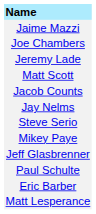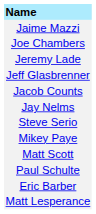 <table border=0 cellpadding=2 cellspacing=0  |- bgcolor=#F2F2F2 style="text-align:center; font-size:90%;">
 <tr bgcolor=#ADEBFD>
 <th align=left>Name</th>
 </tr>
 <tr>
 <td><a href='#'>Jaime Mazzi</a></td>
 </tr>
 <tr>
 <td><a href='#'>Joe Chambers</a></td>
 </tr>
 <tr>
 <td><a href='#'>Jeremy Lade</a></td>
 </tr>
 <tr>
-<td><a href='#'>Matt Scott</a></td>
+<td><a href='#'>Jeff Glasbrenner</a></td>
 </tr>
 <tr>
 <td><a href='#'>Jacob Counts</a></td>
 </tr>
 <tr>
 <td><a href='#'>Jay Nelms</a></td>
 </tr>
 <tr>
 <td><a href='#'>Steve Serio</a></td>
 </tr>
 <tr>
 <td><a href='#'>Mikey Paye</a></td>
 </tr>
 <tr>
-<td><a href='#'>Jeff Glasbrenner</a></td>
+<td><a href='#'>Matt Scott</a></td>
 </tr>
 <tr>
 <td><a href='#'>Paul Schulte</a></td>
 </tr>
 <tr>
 <td><a href='#'>Eric Barber</a></td>
 </tr>
 <tr>
 <td><a href='#'>Matt Lesperance</a></td>
 </tr>
 </table>
